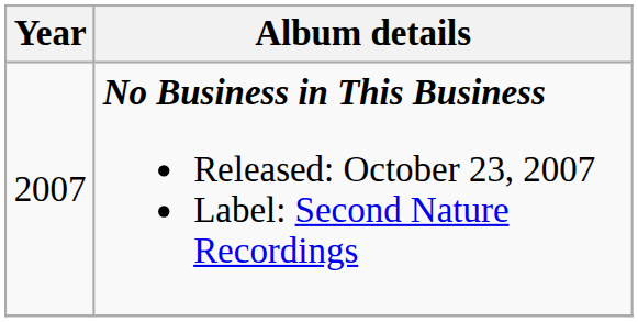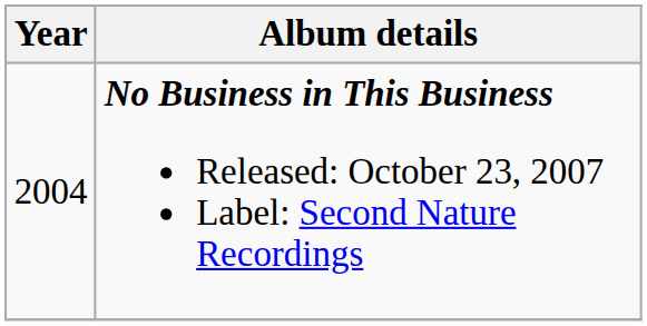 <table class="wikitable">
 <tr>
 <th>Year</th>
 <th width="230">Album details</th>
 </tr>
 <tr>
-<td>2007</td>
+<td>2004</td>
 <td><strong><em>No Business in This Business</em></strong><br><ul><li>Released: October 23, 2007</li><li>Label: <a href='#'>Second Nature Recordings</a></li></ul></td>
 </tr>
 <tr>
 </tr>
 </table>
